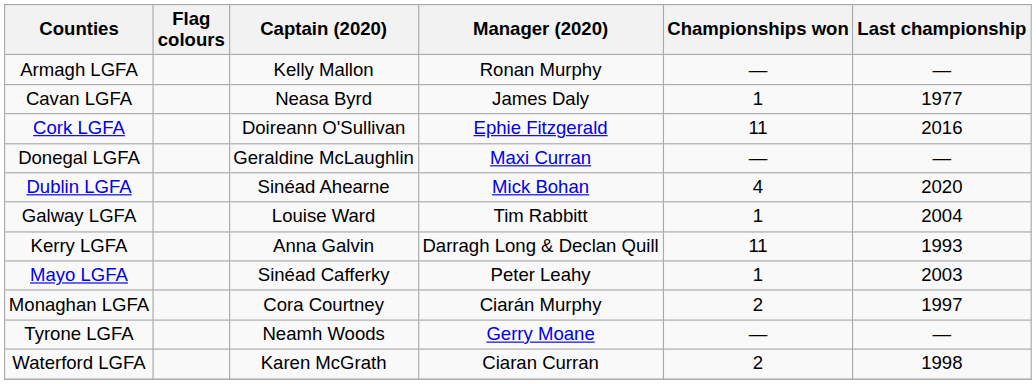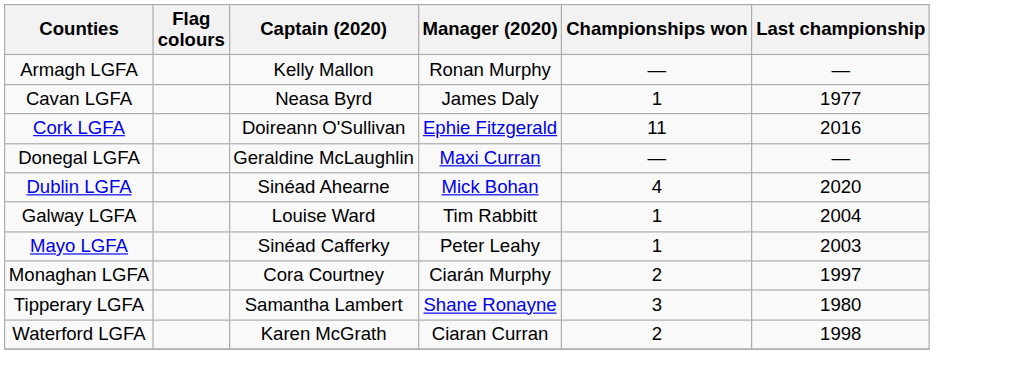 <table class="wikitable sortable" style="font-size:16px; text-align:center">
 <tr>
 <th>Counties</th>
 <th>Flag<br>colours</th>
 <th>Captain (2020)</th>
 <th>Manager (2020)</th>
 <th>Championships won</th>
 <th>Last championship</th>
 </tr>
 <tr>
 <td>Armagh LGFA</td>
 <td></td>
 <td>Kelly Mallon</td>
 <td>Ronan Murphy</td>
 <td>—</td>
 <td>—</td>
 </tr>
 <tr>
 <td>Cavan LGFA</td>
 <td></td>
 <td>Neasa Byrd</td>
 <td>James Daly</td>
 <td>1</td>
 <td>1977</td>
 </tr>
 <tr>
 <td><a href='#'>Cork LGFA</a></td>
 <td></td>
 <td>Doireann O'Sullivan</td>
 <td><a href='#'>Ephie Fitzgerald</a></td>
 <td>11</td>
 <td>2016</td>
 </tr>
 <tr>
 <td>Donegal LGFA</td>
 <td></td>
 <td>Geraldine McLaughlin</td>
 <td><a href='#'>Maxi Curran</a></td>
 <td>—</td>
 <td>—</td>
 </tr>
 <tr>
 <td><a href='#'>Dublin LGFA</a></td>
 <td></td>
 <td>Sinéad Ahearne</td>
 <td><a href='#'>Mick Bohan</a></td>
 <td>4</td>
 <td>2020</td>
 </tr>
 <tr>
 <td>Galway LGFA</td>
 <td></td>
 <td>Louise Ward</td>
 <td>Tim Rabbitt</td>
 <td>1</td>
 <td>2004</td>
 </tr>
 <tr>
-<td>Kerry LGFA</td>
-<td></td>
-<td>Anna Galvin</td>
-<td>Darragh Long & Declan Quill</td>
-<td>11</td>
-<td>1993</td>
-</tr>
-<tr>
 <td><a href='#'>Mayo LGFA</a></td>
 <td></td>
 <td>Sinéad Cafferky</td>
 <td>Peter Leahy</td>
 <td>1</td>
 <td>2003</td>
 </tr>
 <tr>
 <td>Monaghan LGFA</td>
 <td></td>
 <td>Cora Courtney</td>
 <td>Ciarán Murphy</td>
 <td>2</td>
 <td>1997</td>
 </tr>
 <tr>
-<td>Tyrone LGFA</td>
+<td>Tipperary LGFA</td>
 <td></td>
-<td>Neamh Woods</td>
-<td><a href='#'>Gerry Moane</a></td>
-<td>—</td>
-<td>—</td>
+<td>Samantha Lambert</td>
+<td><a href='#'>Shane Ronayne</a></td>
+<td>3</td>
+<td>1980</td>
 </tr>
 <tr>
 <td>Waterford LGFA</td>
 <td></td>
 <td>Karen McGrath</td>
 <td>Ciaran Curran</td>
 <td>2</td>
 <td>1998</td>
 </tr>
 <tr>
 </tr>
 </table>
